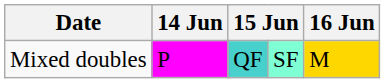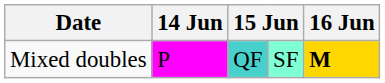 <table class="wikitable olympic-schedule Badminton">
 <tr>
 <th>Date</th>
 <th colspan="2">14 Jun</th>
 <th colspan="2">15 Jun</th>
 <th>16 Jun</th>
 </tr>
 <tr>
 <td class="event">Mixed doubles</td>
 <td colspan="2" bgcolor="#FF00FF" class="prelims">P</td>
 <td bgcolor="#48D1CC" class="quarterfinals">QF</td>
 <td bgcolor="#7FFFD4" class="semifinals">SF</td>
-<td bgcolor="gold" class="finals">M</td>
+<td bgcolor="gold" class="finals"><strong>M</strong></td>
 </tr>
 </table>
